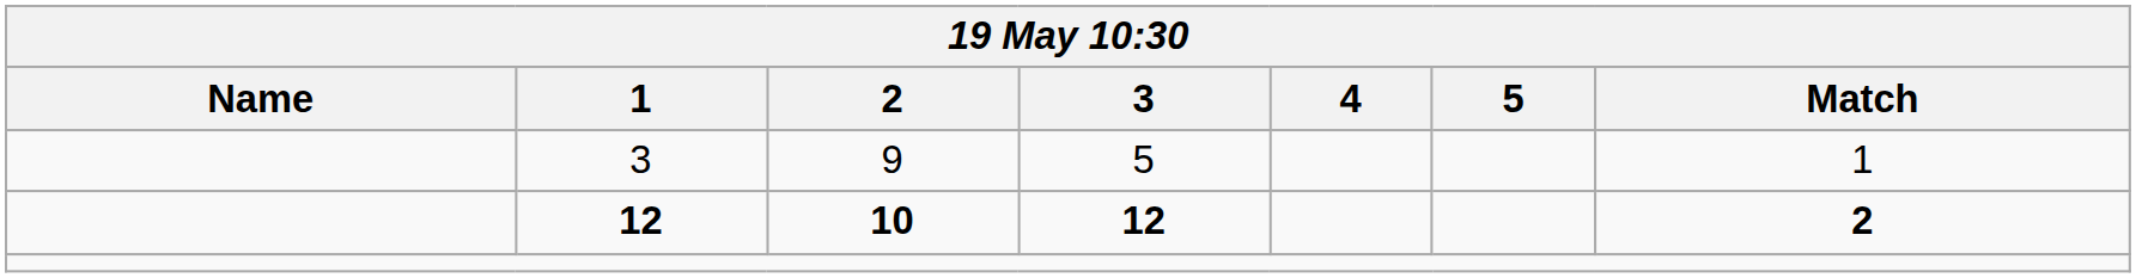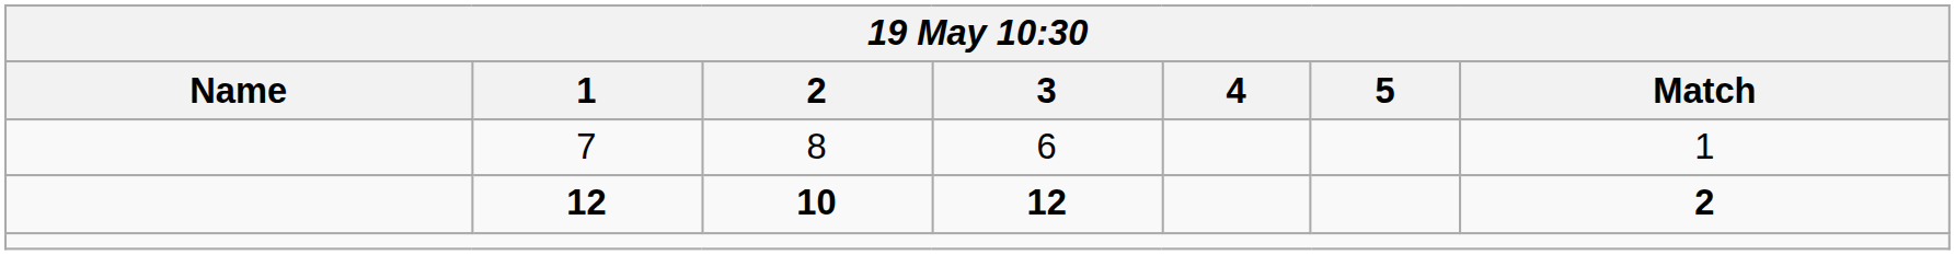 <table class=wikitable style="text-align:center; width: 55%">
 <tr>
 <th colspan=17><em>19 May 10:30</em></th>
 </tr>
 <tr>
 <th>Name</th>
 <th>1</th>
 <th>2</th>
 <th>3</th>
 <th>4</th>
 <th>5</th>
 <th>Match</th>
 </tr>
 <tr>
 <td style="text-align:left;"></td>
-<td>3</td>
-<td>9</td>
-<td>5</td>
+<td>7</td>
+<td>8</td>
+<td>6</td>
 <td></td>
 <td></td>
 <td>1</td>
 </tr>
 <tr>
 <td style="text-align:left;"><strong></strong></td>
 <td><strong>12</strong></td>
 <td><strong>10</strong></td>
 <td><strong>12</strong></td>
 <td></td>
 <td></td>
 <td><strong>2</strong></td>
 </tr>
 <tr>
 <td colspan=17></td>
 </tr>
 </table>
